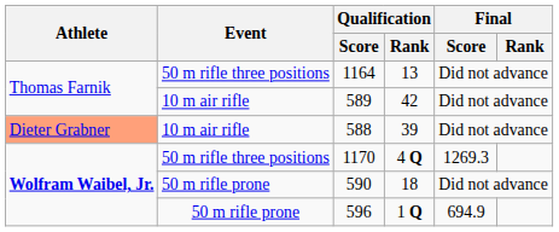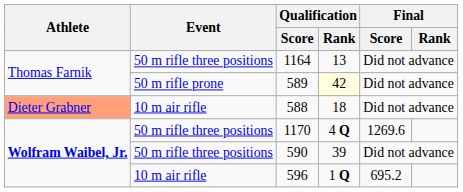 <table class="wikitable" style="font-size:90%">
 <tr>
 <th rowspan="2">Athlete</th>
 <th rowspan="2">Event</th>
 <th colspan="2">Qualification</th>
 <th colspan="2">Final</th>
 </tr>
 <tr>
 <th>Score</th>
 <th>Rank</th>
 <th>Score</th>
 <th>Rank</th>
 </tr>
 <tr>
 <td rowspan=2><a href='#'>Thomas Farnik</a></td>
 <td><a href='#'>50 m rifle three positions</a></td>
 <td align="center">1164</td>
 <td align="center">13</td>
 <td colspan="2"  align="center">Did not advance</td>
 </tr>
 <tr>
-<td align="left"><a href='#'>10 m air rifle</a></td>
+<td><a href='#'>50 m rifle prone</a></td>
 <td align="center">589</td>
-<td align="center">42</td>
+<td align="center" style="background: lightyellow;">42</td>
 <td colspan="2"  align="center">Did not advance</td>
 </tr>
 <tr>
 <td style="background: lightsalmon;"><a href='#'>Dieter Grabner</a></td>
 <td><a href='#'>10 m air rifle</a></td>
 <td align="center">588</td>
-<td align="center">39</td>
+<td align="center">18</td>
 <td colspan="2"  align="center">Did not advance</td>
 </tr>
 <tr align="center">
 <td align=left rowspan=3><strong><a href='#'>Wolfram Waibel, Jr.</a></strong></td>
 <td align=center=2><a href='#'>50 m rifle three positions</a></td>
 <td>1170</td>
 <td>4 <strong>Q</strong></td>
-<td>1269.3</td>
+<td>1269.6</td>
 <td></td>
 </tr>
 <tr align="center">
-<td align="left"><a href='#'>50 m rifle prone</a></td>
+<td><a href='#'>50 m rifle three positions</a></td>
 <td align="center">590</td>
-<td align="center">18</td>
+<td align="center">39</td>
 <td colspan="2"  align="center">Did not advance</td>
 </tr>
 <tr align="center">
-<td><a href='#'>50 m rifle prone</a></td>
+<td align="left"><a href='#'>10 m air rifle</a></td>
 <td>596</td>
 <td>1 <strong>Q</strong></td>
-<td>694.9</td>
+<td>695.2</td>
 <td></td>
 </tr>
 </table>
